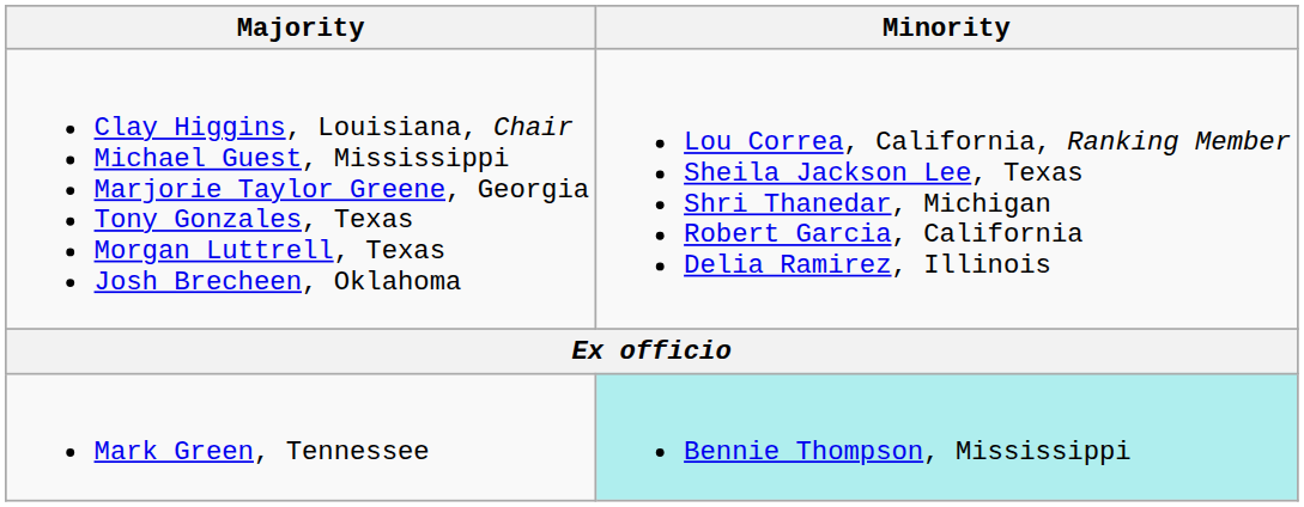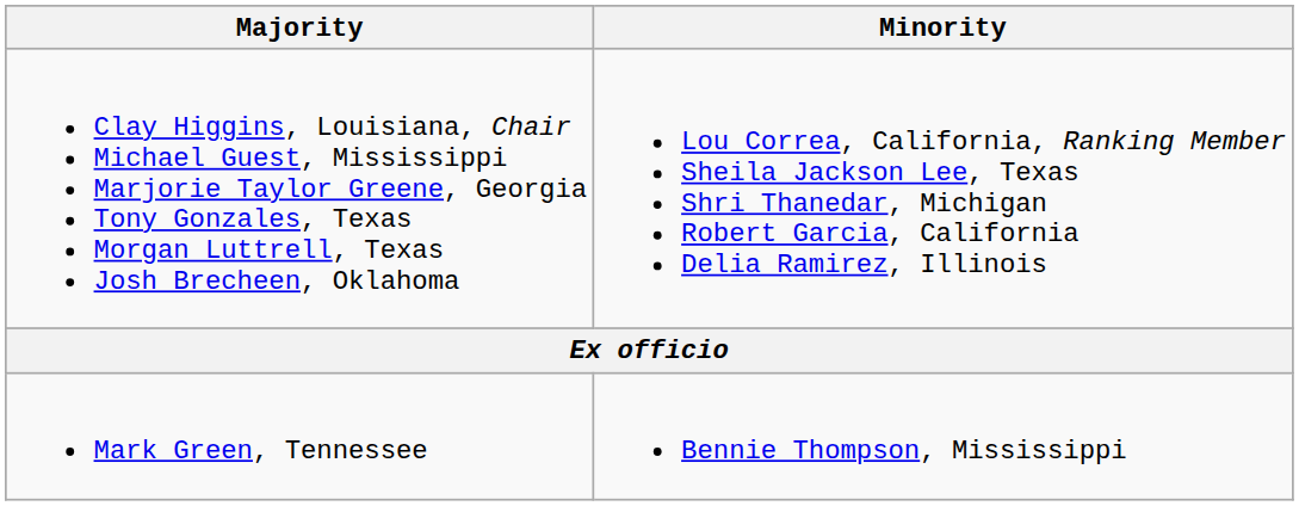 <table class="wikitable">
 <tr>
 <th>Majority</th>
 <th>Minority</th>
 </tr>
 <tr>
 <td><br><ul><li><a href='#'>Clay Higgins</a>, Louisiana, <em>Chair</em></li><li><a href='#'>Michael Guest</a>, Mississippi</li><li><a href='#'>Marjorie Taylor Greene</a>, Georgia</li><li><a href='#'>Tony Gonzales</a>, Texas</li><li><a href='#'>Morgan Luttrell</a>, Texas</li><li><a href='#'>Josh Brecheen</a>, Oklahoma</li></ul></td>
 <td><br><ul><li><a href='#'>Lou Correa</a>, California, <em>Ranking Member</em></li><li><a href='#'>Sheila Jackson Lee</a>, Texas</li><li><a href='#'>Shri Thanedar</a>, Michigan</li><li><a href='#'>Robert Garcia</a>, California</li><li><a href='#'>Delia Ramirez</a>, Illinois</li></ul></td>
 </tr>
 <tr>
 <th colspan="2"><em>Ex officio</em></th>
 </tr>
 <tr>
 <td><br><ul><li><a href='#'>Mark Green</a>, Tennessee</li></ul></td>
-<td style="background: paleturquoise;"><br><ul><li><a href='#'>Bennie Thompson</a>, Mississippi</li></ul></td>
+<td><br><ul><li><a href='#'>Bennie Thompson</a>, Mississippi</li></ul></td>
 </tr>
 </table>
